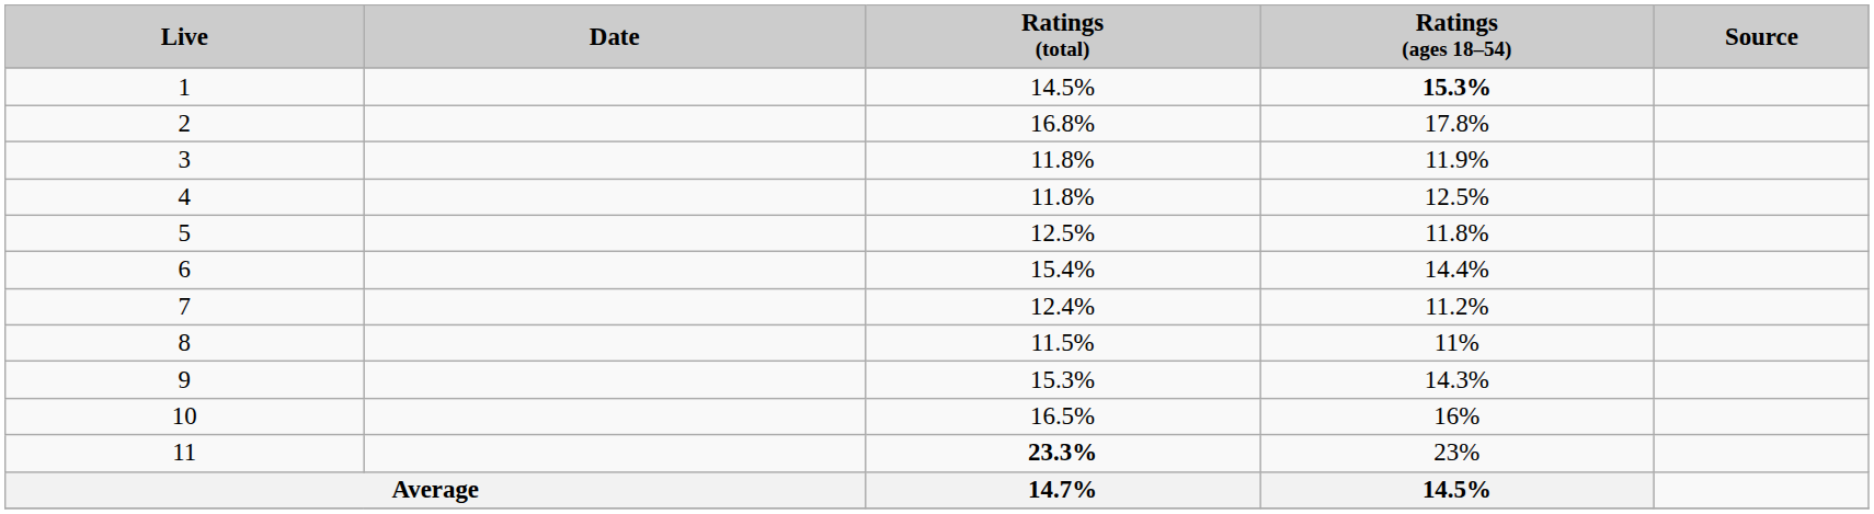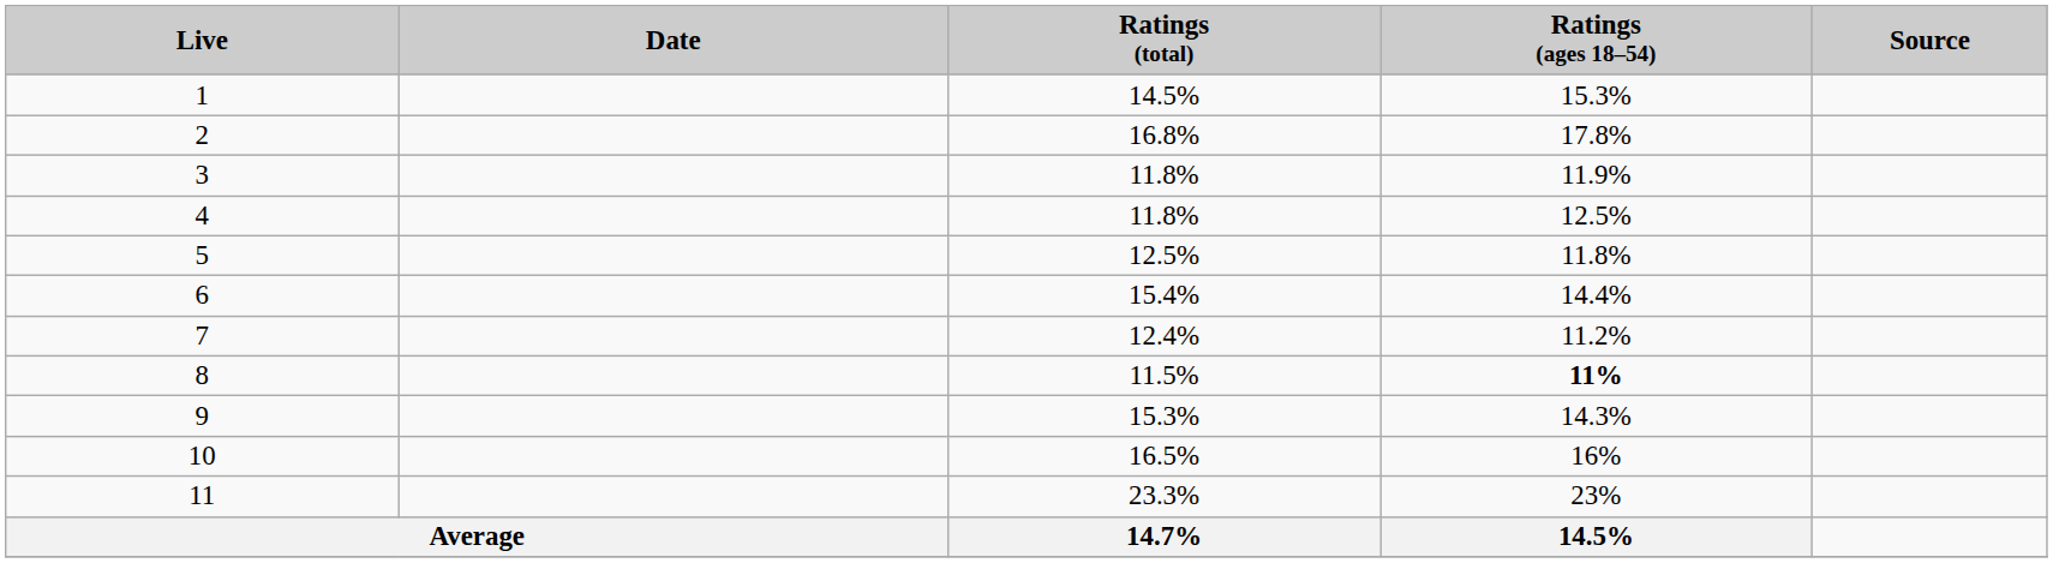 <table class="wikitable" style="text-align:center; background:#f9f9f9; line-height:16px;" width="60%">
 <tr>
 <th style="background:#ccc; color:#yyy;" width="10%">Live</th>
 <th style="background:#ccc; color:#yyy;" width="14%">Date</th>
 <th style="background:#ccc; color:#yyy;" width="11%">Ratings<br><small>(total)</small></th>
 <th style="background:#ccc; color:#yyy;" width="11%">Ratings<br><small>(ages 18–54)</small></th>
 <th style="background:#ccc; color:#yyy;" width="6%">Source</th>
 </tr>
 <tr>
 <td>1</td>
 <td></td>
 <td>14.5%</td>
-<td><strong>15.3%</strong></td>
+<td>15.3%</td>
 <td></td>
 </tr>
 <tr>
 <td>2</td>
 <td></td>
 <td>16.8%</td>
 <td>17.8%</td>
 <td></td>
 </tr>
 <tr>
 <td>3</td>
 <td></td>
 <td>11.8%</td>
 <td>11.9%</td>
 <td></td>
 </tr>
 <tr>
 <td>4</td>
 <td></td>
 <td>11.8%</td>
 <td>12.5%</td>
 <td></td>
 </tr>
 <tr>
 <td>5</td>
 <td></td>
 <td>12.5%</td>
 <td>11.8%</td>
 <td></td>
 </tr>
 <tr>
 <td>6</td>
 <td></td>
 <td>15.4%</td>
 <td>14.4%</td>
 <td></td>
 </tr>
 <tr>
 <td>7</td>
 <td></td>
 <td>12.4%</td>
 <td>11.2%</td>
 <td></td>
 </tr>
 <tr>
 <td>8</td>
 <td></td>
 <td>11.5%</td>
-<td>11%</td>
+<td><strong>11%</strong></td>
 <td></td>
 </tr>
 <tr>
 <td>9</td>
 <td></td>
 <td>15.3%</td>
 <td>14.3%</td>
 <td></td>
 </tr>
 <tr>
 <td>10</td>
 <td></td>
 <td>16.5%</td>
 <td>16%</td>
 <td></td>
 </tr>
 <tr>
 <td>11</td>
 <td></td>
-<td><strong>23.3%</strong></td>
+<td>23.3%</td>
 <td>23%</td>
 <td></td>
 </tr>
 <tr>
 <th colspan="2">Average</th>
 <th>14.7%</th>
 <th>14.5%</th>
 <td></td>
 </tr>
 <tr>
 </tr>
 </table>
